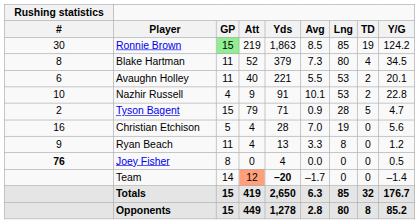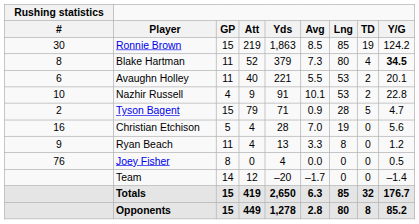 <table style="text-align:center; width:50%;" class="wikitable collapsible collapsed">
 <tr>
 <th style="text-align:center; ">Rushing statistics</th>
 </tr>
 <tr>
 <th>#</th>
 <th>Player</th>
 <th>GP</th>
 <th>Att</th>
 <th>Yds</th>
 <th>Avg</th>
 <th>Lng</th>
 <th>TD</th>
 <th>Y/G</th>
 </tr>
 <tr>
 <td>30</td>
 <td align="left"><a href='#'>Ronnie Brown</a></td>
-<td style="background: lightgreen;">15</td>
+<td>15</td>
 <td>219</td>
 <td>1,863</td>
 <td>8.5</td>
 <td>85</td>
 <td>19</td>
 <td>124.2</td>
 </tr>
 <tr>
 <td>8</td>
 <td align="left">Blake Hartman</td>
 <td>11</td>
 <td>52</td>
 <td>379</td>
 <td>7.3</td>
 <td>80</td>
 <td>4</td>
-<td>34.5</td>
+<td><strong>34.5</strong></td>
 </tr>
 <tr>
 <td>6</td>
 <td align="left">Avaughn Holley</td>
 <td>11</td>
 <td>40</td>
 <td>221</td>
 <td>5.5</td>
 <td>53</td>
 <td>2</td>
 <td>20.1</td>
 </tr>
 <tr>
 <td>10</td>
 <td align="left">Nazhir Russell</td>
 <td>4</td>
 <td>9</td>
 <td>91</td>
 <td>10.1</td>
 <td>53</td>
 <td>2</td>
 <td>22.8</td>
 </tr>
 <tr>
 <td>2</td>
 <td align="left"><a href='#'>Tyson Bagent</a></td>
 <td>15</td>
 <td>79</td>
 <td>71</td>
 <td>0.9</td>
 <td>28</td>
 <td>5</td>
 <td>4.7</td>
 </tr>
 <tr>
 <td>16</td>
 <td align="left">Christian Etchison</td>
 <td>5</td>
 <td>4</td>
 <td>28</td>
 <td>7.0</td>
 <td>19</td>
 <td>0</td>
 <td>5.6</td>
 </tr>
 <tr>
 <td>9</td>
 <td align="left">Ryan Beach</td>
 <td>11</td>
 <td>4</td>
 <td>13</td>
 <td>3.3</td>
 <td>8</td>
 <td>0</td>
 <td>1.2</td>
 </tr>
 <tr>
-<td><strong>76</strong></td>
+<td>76</td>
 <td align="left"><a href='#'>Joey Fisher</a></td>
 <td>8</td>
 <td>0</td>
 <td>4</td>
 <td>0.0</td>
 <td>0</td>
 <td>0</td>
 <td>0.5</td>
 </tr>
 <tr>
 <td></td>
 <td align="left">Team</td>
 <td>14</td>
-<td style="background: lightsalmon;">12</td>
-<td><strong>–20</strong></td>
+<td>12</td>
+<td>–20</td>
 <td>–1.7</td>
 <td>0</td>
 <td>0</td>
 <td>–1.4</td>
 </tr>
 <tr style="background:#e5e5e5;">
 <td></td>
 <td align="left"><strong>Totals</strong></td>
 <td><strong>15</strong></td>
 <td><strong>419</strong></td>
 <td><strong>2,650</strong></td>
 <td><strong>6.3</strong></td>
 <td><strong>85</strong></td>
 <td><strong>32</strong></td>
 <td><strong>176.7</strong></td>
 </tr>
 <tr style="background:#e5e5e5;">
 <td></td>
 <td align="left"><strong>Opponents</strong></td>
 <td><strong>15</strong></td>
 <td><strong>449</strong></td>
 <td><strong>1,278</strong></td>
 <td><strong>2.8</strong></td>
 <td><strong>80</strong></td>
 <td><strong>8</strong></td>
 <td><strong>85.2</strong></td>
 </tr>
 </table>
